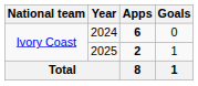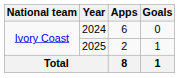 <table class=wikitable style=text-align:center>
 <tr>
 <th>National team</th>
 <th>Year</th>
 <th>Apps</th>
 <th>Goals</th>
 </tr>
 <tr>
 <td rowspan="2"><a href='#'>Ivory Coast</a></td>
 <td>2024</td>
-<td><strong>6</strong></td>
+<td>6</td>
 <td>0</td>
 </tr>
 <tr>
 <td>2025</td>
-<td><strong>2</strong></td>
+<td>2</td>
 <td>1</td>
 </tr>
 <tr>
 <th colspan="2">Total</th>
 <th>8</th>
 <th>1</th>
 </tr>
 </table>
